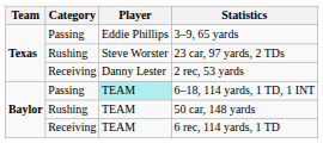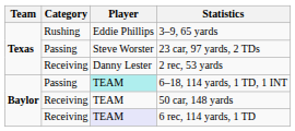 <table class="wikitable" style="float: right;">
 <tr>
 <th>Team</th>
 <th>Category</th>
 <th>Player</th>
 <th>Statistics</th>
 </tr>
 <tr>
 <td rowspan=3><strong>Texas</strong></td>
-<td>Passing</td>
+<td>Rushing</td>
 <td>Eddie Phillips</td>
 <td>3–9, 65 yards</td>
 </tr>
 <tr>
-<td>Rushing</td>
+<td>Passing</td>
 <td>Steve Worster</td>
 <td>23 car, 97 yards, 2 TDs</td>
 </tr>
 <tr>
 <td>Receiving</td>
 <td>Danny Lester</td>
 <td>2 rec, 53 yards</td>
 </tr>
 <tr>
 <td rowspan=3><strong>Baylor</strong></td>
 <td>Passing</td>
 <td style="background: paleturquoise;">TEAM</td>
 <td>6–18, 114 yards, 1 TD, 1 INT</td>
 </tr>
 <tr>
-<td>Rushing</td>
+<td>Receiving</td>
 <td>TEAM</td>
 <td>50 car, 148 yards</td>
 </tr>
 <tr>
 <td>Receiving</td>
-<td>TEAM</td>
+<td style="background: lavender;">TEAM</td>
 <td>6 rec, 114 yards, 1 TD</td>
 </tr>
 </table>
